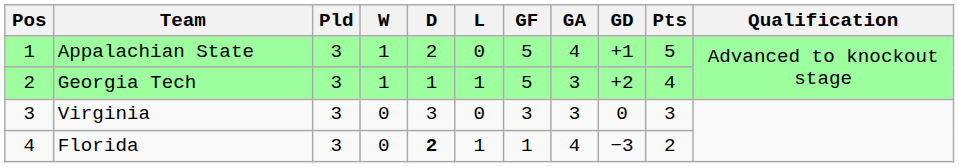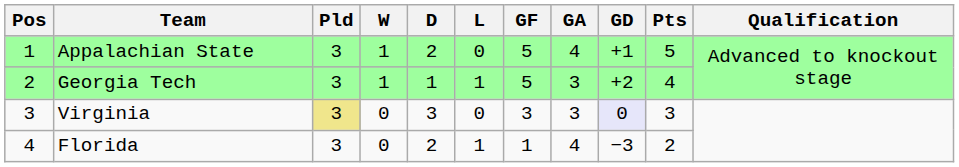 <table class="wikitable" style="text-align:center; margin: 1em auto">
 <tr>
 <th style="width:2em">Pos</th>
 <th style="width:13em">Team</th>
 <th style="width:2em">Pld</th>
 <th style="width:2em">W</th>
 <th style="width:2em">D</th>
 <th style="width:2em">L</th>
 <th style="width:2em">GF</th>
 <th style="width:2em">GA</th>
 <th style="width:2em">GD</th>
 <th style="width:2em">Pts</th>
 <th style="width:13em">Qualification</th>
 </tr>
 <tr bgcolor="#9eff9e">
 <td>1</td>
 <td style="text-align:left">Appalachian State</td>
 <td>3</td>
 <td>1</td>
 <td>2</td>
 <td>0</td>
 <td>5</td>
 <td>4</td>
 <td>+1</td>
 <td>5</td>
 <td rowspan="2">Advanced to knockout stage</td>
 </tr>
 <tr bgcolor="#9eff9e">
 <td>2</td>
 <td style="text-align:left">Georgia Tech</td>
 <td>3</td>
 <td>1</td>
 <td>1</td>
 <td>1</td>
 <td>5</td>
 <td>3</td>
 <td>+2</td>
 <td>4</td>
 </tr>
 <tr>
 <td>3</td>
 <td style="text-align:left">Virginia</td>
-<td>3</td>
+<td style="background: khaki;">3</td>
 <td>0</td>
 <td>3</td>
 <td>0</td>
 <td>3</td>
 <td>3</td>
-<td>0</td>
+<td style="background: lavender;">0</td>
 <td>3</td>
 <td rowspan="2"></td>
 </tr>
 <tr>
 <td>4</td>
 <td style="text-align:left">Florida</td>
 <td>3</td>
 <td>0</td>
-<td><strong>2</strong></td>
+<td>2</td>
 <td>1</td>
 <td>1</td>
 <td>4</td>
 <td>−3</td>
 <td>2</td>
 </tr>
 </table>
